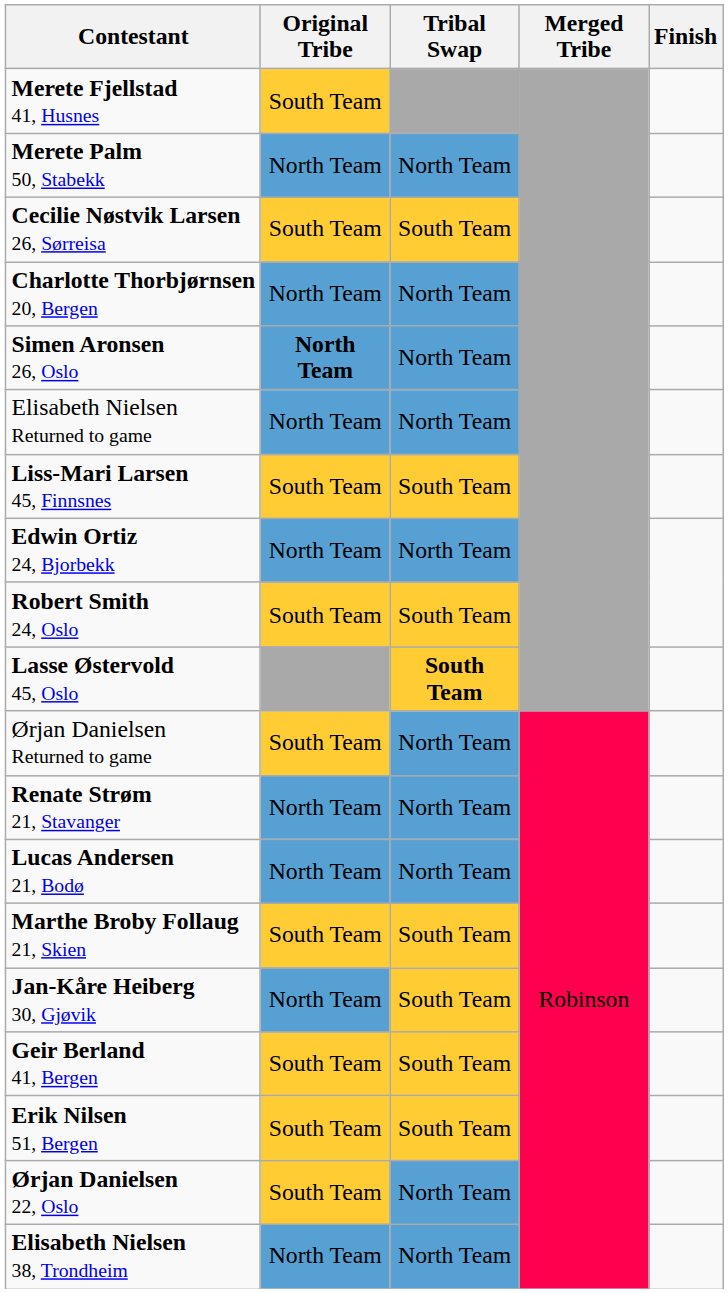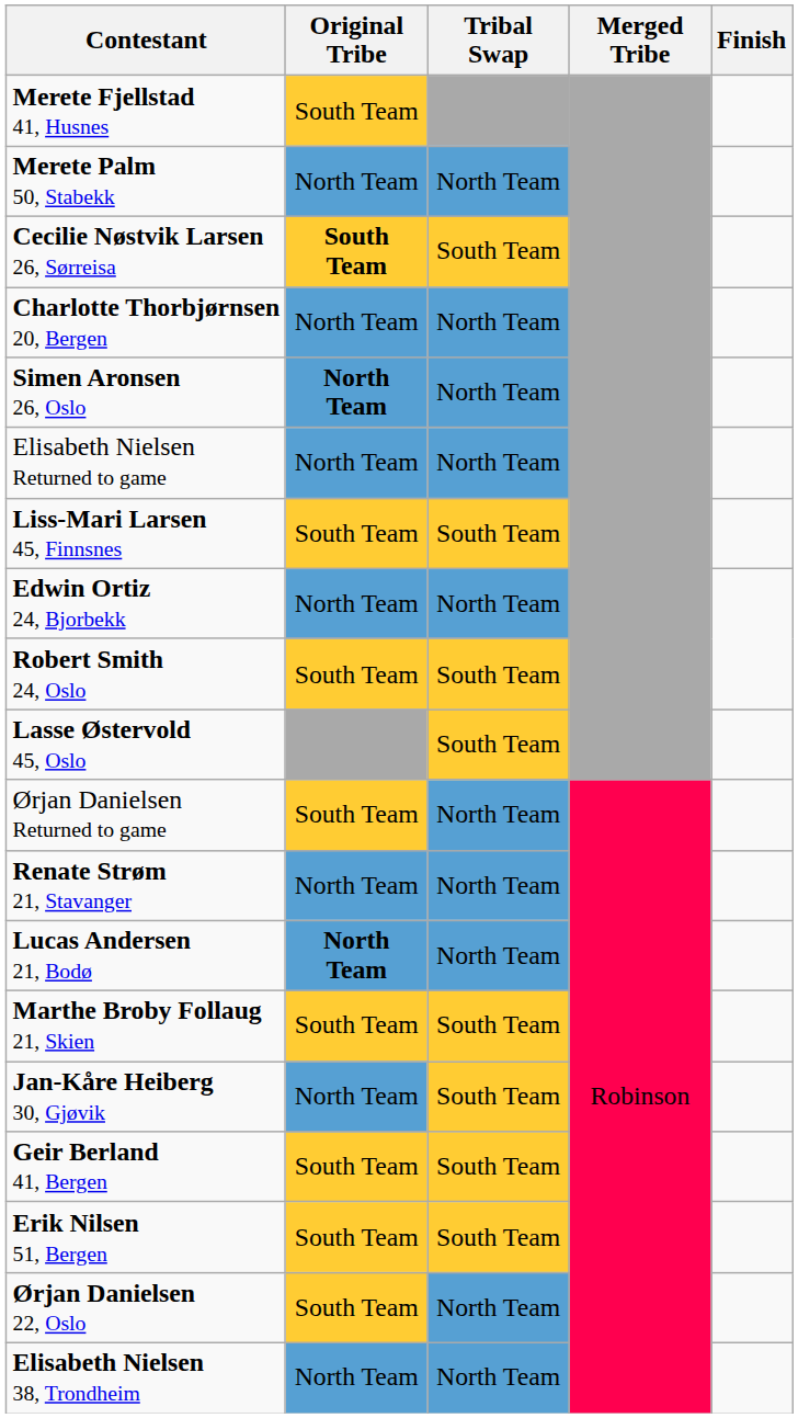 <table class="wikitable sortable" style="margin:auto; text-align:center">
 <tr>
 <th>Contestant</th>
 <th width=80>Original Tribe</th>
 <th width=80>Tribal Swap</th>
 <th width=80>Merged Tribe</th>
 <th>Finish</th>
 </tr>
 <tr>
 <td align="left"><strong>Merete Fjellstad</strong><br><small>41, <a href='#'>Husnes</a></small></td>
 <td bgcolor="#FFCC33" align=center>South Team</td>
 <td bgcolor="darkgray"></td>
 <td bgcolor="darkgray" rowspan=10></td>
 <td></td>
 </tr>
 <tr>
 <td align="left"><strong>Merete Palm</strong><br><small>50, <a href='#'>Stabekk</a></small></td>
 <td bgcolor="#56A0D3" align=center>North Team</td>
 <td bgcolor="#56A0D3" align=center>North Team</td>
 <td></td>
 </tr>
 <tr>
 <td align="left"><strong>Cecilie Nøstvik Larsen</strong><br><small>26, <a href='#'>Sørreisa</a></small></td>
-<td bgcolor="#FFCC33" align=center>South Team</td>
+<td bgcolor="#FFCC33" align=center><strong>South Team</strong></td>
 <td bgcolor="#FFCC33" align=center>South Team</td>
 <td></td>
 </tr>
 <tr>
 <td align="left"><strong>Charlotte Thorbjørnsen</strong><br><small>20, <a href='#'>Bergen</a></small></td>
 <td bgcolor="#56A0D3" align=center>North Team</td>
 <td bgcolor="#56A0D3" align=center>North Team</td>
 <td></td>
 </tr>
 <tr>
 <td align="left"><strong>Simen Aronsen</strong><br><small>26, <a href='#'>Oslo</a></small></td>
 <td bgcolor="#56A0D3" align=center><strong>North Team</strong></td>
 <td bgcolor="#56A0D3" align=center>North Team</td>
 <td></td>
 </tr>
 <tr>
 <td align="left">Elisabeth Nielsen<br><small>Returned to game</small></td>
 <td bgcolor="#56A0D3" align=center>North Team</td>
 <td bgcolor="#56A0D3" align=center>North Team</td>
 <td></td>
 </tr>
 <tr>
 <td align="left"><strong>Liss-Mari Larsen</strong><br><small>45, <a href='#'>Finnsnes</a></small></td>
 <td bgcolor="#FFCC33" align=center>South Team</td>
 <td bgcolor="#FFCC33" align=center>South Team</td>
 <td></td>
 </tr>
 <tr>
 <td align="left"><strong>Edwin Ortiz</strong><br><small>24, <a href='#'>Bjorbekk</a></small></td>
 <td bgcolor="#56A0D3" align=center>North Team</td>
 <td bgcolor="#56A0D3" align=center>North Team</td>
 <td rowspan=2></td>
 </tr>
 <tr>
 <td align="left"><strong>Robert Smith</strong><br><small>24, <a href='#'>Oslo</a></small></td>
 <td bgcolor="#FFCC33" align=center>South Team</td>
 <td bgcolor="#FFCC33" align=center>South Team</td>
 </tr>
 <tr>
 <td align="left"><strong>Lasse Østervold</strong><br><small>45, <a href='#'>Oslo</a></small></td>
 <td bgcolor="darkgray" align=center></td>
-<td bgcolor="#FFCC33" align=center><strong>South Team</strong></td>
+<td bgcolor="#FFCC33" align=center>South Team</td>
 <td></td>
 </tr>
 <tr>
 <td align="left">Ørjan Danielsen<br><small>Returned to game</small></td>
 <td bgcolor="#FFCC33" align=center>South Team</td>
 <td bgcolor="#56A0D3" align=center>North Team</td>
 <td rowspan=9 bgcolor="#FF004F">Robinson</td>
 <td></td>
 </tr>
 <tr>
 <td align="left"><strong>Renate Strøm</strong><br><small>21, <a href='#'>Stavanger</a></small></td>
 <td bgcolor="#56A0D3" align=center>North Team</td>
 <td bgcolor="#56A0D3" align=center>North Team</td>
 <td></td>
 </tr>
 <tr>
 <td align="left"><strong>Lucas Andersen</strong><br><small>21, <a href='#'>Bodø</a></small></td>
-<td bgcolor="#56A0D3" align=center>North Team</td>
+<td bgcolor="#56A0D3" align=center><strong>North Team</strong></td>
 <td bgcolor="#56A0D3" align=center>North Team</td>
 <td></td>
 </tr>
 <tr>
 <td align="left"><strong>Marthe Broby Follaug</strong><br><small>21, <a href='#'>Skien</a></small></td>
 <td bgcolor="#FFCC33" align=center>South Team</td>
 <td bgcolor="#FFCC33" align=center>South Team</td>
 <td></td>
 </tr>
 <tr>
 <td align="left"><strong>Jan-Kåre Heiberg</strong><br><small>30, <a href='#'>Gjøvik</a></small></td>
 <td bgcolor="#56A0D3" align=center>North Team</td>
 <td bgcolor="#FFCC33" align=center>South Team</td>
 <td></td>
 </tr>
 <tr>
 <td align="left"><strong>Geir Berland</strong><br><small>41, <a href='#'>Bergen</a></small></td>
 <td bgcolor="#FFCC33" align=center>South Team</td>
 <td bgcolor="#FFCC33" align=center>South Team</td>
 <td></td>
 </tr>
 <tr>
 <td align="left"><strong>Erik Nilsen</strong><br><small>51, <a href='#'>Bergen</a></small></td>
 <td bgcolor="#FFCC33" align=center>South Team</td>
 <td bgcolor="#FFCC33" align=center>South Team</td>
 <td></td>
 </tr>
 <tr>
 <td align="left"><strong>Ørjan Danielsen</strong><br><small>22, <a href='#'>Oslo</a></small></td>
 <td bgcolor="#FFCC33" align=center>South Team</td>
 <td bgcolor="#56A0D3" align=center>North Team</td>
 <td></td>
 </tr>
 <tr>
 <td align="left"><strong>Elisabeth Nielsen</strong><br><small>38, <a href='#'>Trondheim</a></small></td>
 <td bgcolor="#56A0D3" align=center>North Team</td>
 <td bgcolor="#56A0D3" align=center>North Team</td>
 <td></td>
 </tr>
 </table>
